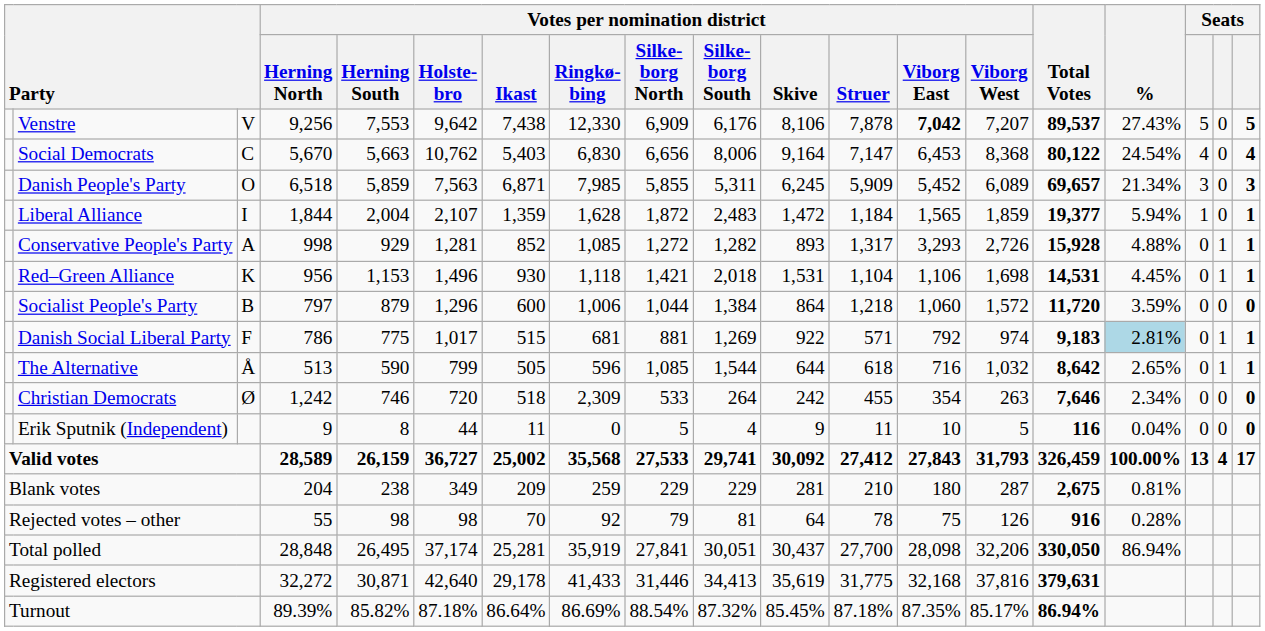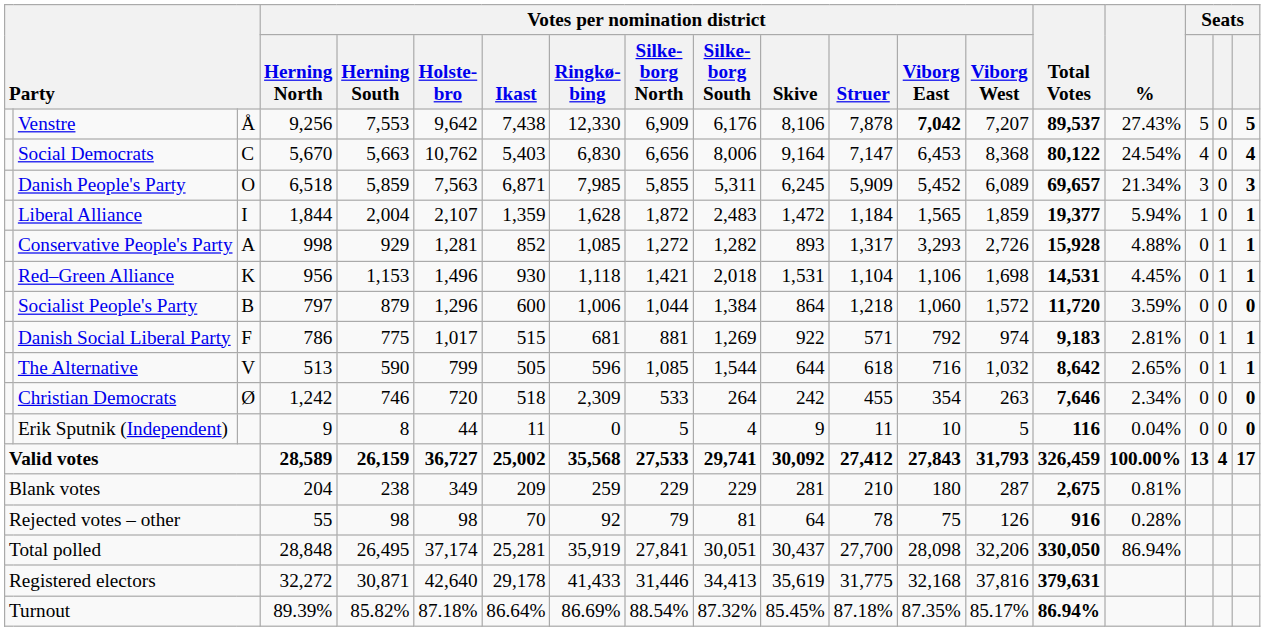 <table class="wikitable" border="1" style="text-align:right;">
 <tr>
 <th style="text-align:left;" valign=bottom rowspan=2 colspan=3>Party</th>
 <th colspan=11>Votes per nomination district</th>
 <th align=center valign=bottom rowspan=2 width="50">Total Votes</th>
 <th align=center valign=bottom rowspan=2 width="50">%</th>
 <th colspan=3>Seats</th>
 </tr>
 <tr>
 <th align=center valign=bottom width="50"><a href='#'>Herning</a> North</th>
 <th align=center valign=bottom width="50"><a href='#'>Herning</a> South</th>
 <th align=center valign=bottom width="50"><a href='#'>Holste- bro</a></th>
 <th align=center valign=bottom width="50"><a href='#'>Ikast</a></th>
 <th align=center valign=bottom width="50"><a href='#'>Ringkø- bing</a></th>
 <th align=center valign=bottom width="50"><a href='#'>Silke- borg</a> North</th>
 <th align=center valign=bottom width="50"><a href='#'>Silke- borg</a> South</th>
 <th align=center valign=bottom width="50">Skive</th>
 <th align=center valign=bottom width="50"><a href='#'>Struer</a></th>
 <th align=center valign=bottom width="50"><a href='#'>Viborg</a> East</th>
 <th align=center valign=bottom width="50"><a href='#'>Viborg</a> West</th>
 <th align=center valign=bottom width="20"><small></small></th>
 <th align=center valign=bottom width="20"><small><a href='#'></a></small></th>
 <th align=center valign=bottom width="20"><small></small></th>
 </tr>
 <tr>
 <td></td>
 <td align=left><a href='#'>Venstre</a></td>
-<td align=left>V</td>
+<td align=left>Å</td>
 <td>9,256</td>
 <td>7,553</td>
 <td>9,642</td>
 <td>7,438</td>
 <td>12,330</td>
 <td>6,909</td>
 <td>6,176</td>
 <td>8,106</td>
 <td>7,878</td>
 <td><strong>7,042</strong></td>
 <td>7,207</td>
 <td><strong>89,537</strong></td>
 <td>27.43%</td>
 <td>5</td>
 <td>0</td>
 <td><strong>5</strong></td>
 </tr>
 <tr>
 <td></td>
 <td align=left><a href='#'>Social Democrats</a></td>
 <td align=left>C</td>
 <td>5,670</td>
 <td>5,663</td>
 <td>10,762</td>
 <td>5,403</td>
 <td>6,830</td>
 <td>6,656</td>
 <td>8,006</td>
 <td>9,164</td>
 <td>7,147</td>
 <td>6,453</td>
 <td>8,368</td>
 <td><strong>80,122</strong></td>
 <td>24.54%</td>
 <td>4</td>
 <td>0</td>
 <td><strong>4</strong></td>
 </tr>
 <tr>
 <td></td>
 <td align=left><a href='#'>Danish People's Party</a></td>
 <td align=left>O</td>
 <td>6,518</td>
 <td>5,859</td>
 <td>7,563</td>
 <td>6,871</td>
 <td>7,985</td>
 <td>5,855</td>
 <td>5,311</td>
 <td>6,245</td>
 <td>5,909</td>
 <td>5,452</td>
 <td>6,089</td>
 <td><strong>69,657</strong></td>
 <td>21.34%</td>
 <td>3</td>
 <td>0</td>
 <td><strong>3</strong></td>
 </tr>
 <tr>
 <td></td>
 <td align=left><a href='#'>Liberal Alliance</a></td>
 <td align=left>I</td>
 <td>1,844</td>
 <td>2,004</td>
 <td>2,107</td>
 <td>1,359</td>
 <td>1,628</td>
 <td>1,872</td>
 <td>2,483</td>
 <td>1,472</td>
 <td>1,184</td>
 <td>1,565</td>
 <td>1,859</td>
 <td><strong>19,377</strong></td>
 <td>5.94%</td>
 <td>1</td>
 <td>0</td>
 <td><strong>1</strong></td>
 </tr>
 <tr>
 <td></td>
 <td align=left style="white-space: nowrap;"><a href='#'>Conservative People's Party</a></td>
 <td align=left>A</td>
 <td>998</td>
 <td>929</td>
 <td>1,281</td>
 <td>852</td>
 <td>1,085</td>
 <td>1,272</td>
 <td>1,282</td>
 <td>893</td>
 <td>1,317</td>
 <td>3,293</td>
 <td>2,726</td>
 <td><strong>15,928</strong></td>
 <td>4.88%</td>
 <td>0</td>
 <td>1</td>
 <td><strong>1</strong></td>
 </tr>
 <tr>
 <td></td>
 <td align=left><a href='#'>Red–Green Alliance</a></td>
 <td align=left>K</td>
 <td>956</td>
 <td>1,153</td>
 <td>1,496</td>
 <td>930</td>
 <td>1,118</td>
 <td>1,421</td>
 <td>2,018</td>
 <td>1,531</td>
 <td>1,104</td>
 <td>1,106</td>
 <td>1,698</td>
 <td><strong>14,531</strong></td>
 <td>4.45%</td>
 <td>0</td>
 <td>1</td>
 <td><strong>1</strong></td>
 </tr>
 <tr>
 <td></td>
 <td align=left><a href='#'>Socialist People's Party</a></td>
 <td align=left>B</td>
 <td>797</td>
 <td>879</td>
 <td>1,296</td>
 <td>600</td>
 <td>1,006</td>
 <td>1,044</td>
 <td>1,384</td>
 <td>864</td>
 <td>1,218</td>
 <td>1,060</td>
 <td>1,572</td>
 <td><strong>11,720</strong></td>
 <td>3.59%</td>
 <td>0</td>
 <td>0</td>
 <td><strong>0</strong></td>
 </tr>
 <tr>
 <td></td>
 <td align=left><a href='#'>Danish Social Liberal Party</a></td>
 <td align=left>F</td>
 <td>786</td>
 <td>775</td>
 <td>1,017</td>
 <td>515</td>
 <td>681</td>
 <td>881</td>
 <td>1,269</td>
 <td>922</td>
 <td>571</td>
 <td>792</td>
 <td>974</td>
 <td><strong>9,183</strong></td>
-<td style="background: lightblue;">2.81%</td>
+<td>2.81%</td>
 <td>0</td>
 <td>1</td>
 <td><strong>1</strong></td>
 </tr>
 <tr>
 <td></td>
 <td align=left><a href='#'>The Alternative</a></td>
-<td align=left>Å</td>
+<td align=left>V</td>
 <td>513</td>
 <td>590</td>
 <td>799</td>
 <td>505</td>
 <td>596</td>
 <td>1,085</td>
 <td>1,544</td>
 <td>644</td>
 <td>618</td>
 <td>716</td>
 <td>1,032</td>
 <td><strong>8,642</strong></td>
 <td>2.65%</td>
 <td>0</td>
 <td>1</td>
 <td><strong>1</strong></td>
 </tr>
 <tr>
 <td></td>
 <td align=left><a href='#'>Christian Democrats</a></td>
 <td align=left>Ø</td>
 <td>1,242</td>
 <td>746</td>
 <td>720</td>
 <td>518</td>
 <td>2,309</td>
 <td>533</td>
 <td>264</td>
 <td>242</td>
 <td>455</td>
 <td>354</td>
 <td>263</td>
 <td><strong>7,646</strong></td>
 <td>2.34%</td>
 <td>0</td>
 <td>0</td>
 <td><strong>0</strong></td>
 </tr>
 <tr>
 <td></td>
 <td align=left>Erik Sputnik (<a href='#'>Independent</a>)</td>
 <td></td>
 <td>9</td>
 <td>8</td>
 <td>44</td>
 <td>11</td>
 <td>0</td>
 <td>5</td>
 <td>4</td>
 <td>9</td>
 <td>11</td>
 <td>10</td>
 <td>5</td>
 <td><strong>116</strong></td>
 <td>0.04%</td>
 <td>0</td>
 <td>0</td>
 <td><strong>0</strong></td>
 </tr>
 <tr style="font-weight:bold">
 <td align=left colspan=3>Valid votes</td>
 <td>28,589</td>
 <td>26,159</td>
 <td>36,727</td>
 <td>25,002</td>
 <td>35,568</td>
 <td>27,533</td>
 <td>29,741</td>
 <td>30,092</td>
 <td>27,412</td>
 <td>27,843</td>
 <td>31,793</td>
 <td>326,459</td>
 <td>100.00%</td>
 <td>13</td>
 <td>4</td>
 <td>17</td>
 </tr>
 <tr>
 <td align=left colspan=3>Blank votes</td>
 <td>204</td>
 <td>238</td>
 <td>349</td>
 <td>209</td>
 <td>259</td>
 <td>229</td>
 <td>229</td>
 <td>281</td>
 <td>210</td>
 <td>180</td>
 <td>287</td>
 <td><strong>2,675</strong></td>
 <td>0.81%</td>
 <td></td>
 <td></td>
 <td></td>
 </tr>
 <tr>
 <td align=left colspan=3>Rejected votes – other</td>
 <td>55</td>
 <td>98</td>
 <td>98</td>
 <td>70</td>
 <td>92</td>
 <td>79</td>
 <td>81</td>
 <td>64</td>
 <td>78</td>
 <td>75</td>
 <td>126</td>
 <td><strong>916</strong></td>
 <td>0.28%</td>
 <td></td>
 <td></td>
 <td></td>
 </tr>
 <tr>
 <td align=left colspan=3>Total polled</td>
 <td>28,848</td>
 <td>26,495</td>
 <td>37,174</td>
 <td>25,281</td>
 <td>35,919</td>
 <td>27,841</td>
 <td>30,051</td>
 <td>30,437</td>
 <td>27,700</td>
 <td>28,098</td>
 <td>32,206</td>
 <td><strong>330,050</strong></td>
 <td>86.94%</td>
 <td></td>
 <td></td>
 <td></td>
 </tr>
 <tr>
 <td align=left colspan=3>Registered electors</td>
 <td>32,272</td>
 <td>30,871</td>
 <td>42,640</td>
 <td>29,178</td>
 <td>41,433</td>
 <td>31,446</td>
 <td>34,413</td>
 <td>35,619</td>
 <td>31,775</td>
 <td>32,168</td>
 <td>37,816</td>
 <td><strong>379,631</strong></td>
 <td></td>
 <td></td>
 <td></td>
 <td></td>
 </tr>
 <tr>
 <td align=left colspan=3>Turnout</td>
 <td>89.39%</td>
 <td>85.82%</td>
 <td>87.18%</td>
 <td>86.64%</td>
 <td>86.69%</td>
 <td>88.54%</td>
 <td>87.32%</td>
 <td>85.45%</td>
 <td>87.18%</td>
 <td>87.35%</td>
 <td>85.17%</td>
 <td><strong>86.94%</strong></td>
 <td></td>
 <td></td>
 <td></td>
 <td></td>
 </tr>
 </table>
